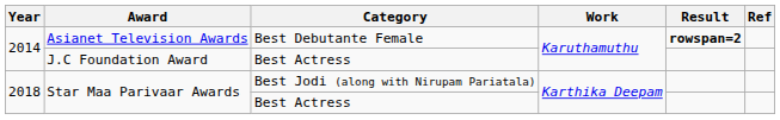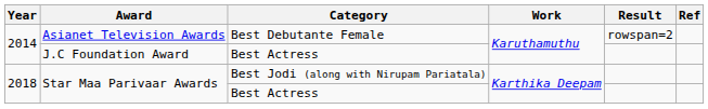 <table class="wikitable">
 <tr>
 <th>Year</th>
 <th>Award</th>
 <th>Category</th>
 <th>Work</th>
 <th>Result</th>
 <th>Ref</th>
 </tr>
 <tr>
 <td rowspan=2>2014</td>
 <td><a href='#'>Asianet Television Awards</a></td>
 <td>Best Debutante Female</td>
 <td rowspan=2><em><a href='#'>Karuthamuthu</a></em></td>
-<td><strong>rowspan=2 </strong></td>
+<td>rowspan=2 </td>
 <td></td>
 </tr>
 <tr>
 <td>J.C Foundation Award</td>
 <td>Best Actress</td>
 <td></td>
 </tr>
 <tr>
 <td rowspan=2>2018</td>
 <td rowspan=2>Star Maa Parivaar Awards</td>
 <td>Best Jodi <small>(along with Nirupam Pariatala)</small></td>
 <td rowspan=2><em><a href='#'>Karthika Deepam</a></em></td>
 <td></td>
 <td></td>
 </tr>
 <tr>
 <td>Best Actress</td>
 <td></td>
 <td></td>
 </tr>
 </table>
